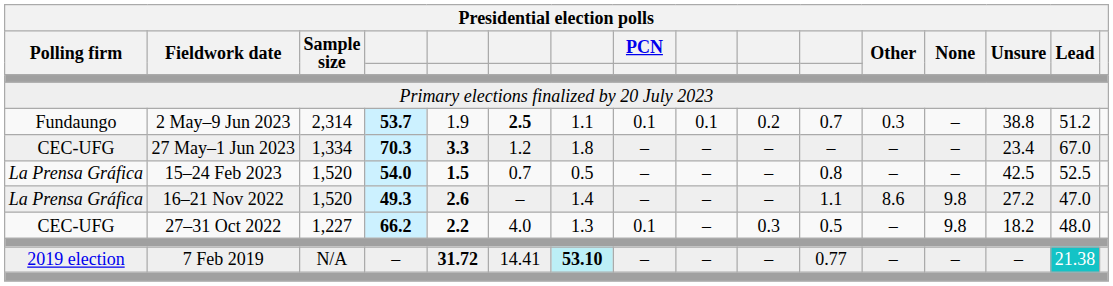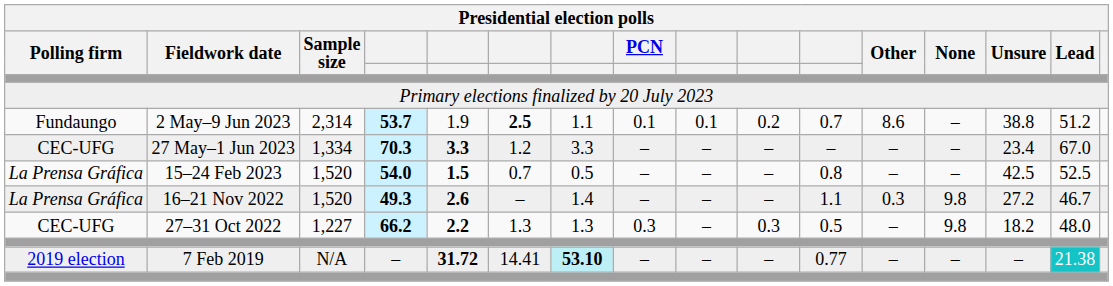 <table class="wikitable" style="text-align:center;font-size:90%;line-height:14px">
 <tr>
 <th colspan="16">Presidential election polls</th>
 </tr>
 <tr>
 <th rowspan="2">Polling firm</th>
 <th rowspan="2">Fieldwork date</th>
 <th rowspan="2">Sample<br>size</th>
 <th style="width:43px;"></th>
 <th style="width:43px;"></th>
 <th style="width:43px;"></th>
 <th style="width:43px;"></th>
 <th style="width:43px;"><a href='#'>PCN</a></th>
 <th style="width:43px;"></th>
 <th style="width:43px;"></th>
 <th style="width:43px;"></th>
 <th style="width:43px;" rowspan="2">Other</th>
 <th style="width:43px;" rowspan="2">None</th>
 <th style="width:43px;" rowspan="2">Unsure</th>
 <th style="width:30px;" rowspan="2">Lead</th>
 <th rowspan="2"></th>
 </tr>
 <tr>
 <th style="color:inherit;background:"></th>
 <th style="color:inherit;background:"></th>
 <th style="color:inherit;background:"></th>
 <th style="color:inherit;background:"></th>
 <th style="background:"></th>
 <th style="color:inherit;background:"></th>
 <th style="color:inherit;background:"></th>
 <th style="color:inherit;background:"></th>
 </tr>
 <tr>
 <td colspan="16" style="background:#A0A0A0"></td>
 </tr>
 <tr>
 <td colspan="16" style="background:#EFEFEF;"><em>Primary elections finalized by 20 July 2023</em></td>
 </tr>
 <tr>
 <td>Fundaungo</td>
 <td>2 May–9 Jun 2023</td>
 <td>2,314</td>
 <td style="background:#CCF1FF;"><strong>53.7</strong></td>
 <td>1.9</td>
 <td><strong>2.5</strong></td>
 <td>1.1</td>
 <td>0.1</td>
 <td>0.1</td>
 <td>0.2</td>
 <td>0.7</td>
-<td>0.3</td>
+<td>8.6</td>
 <td>–</td>
 <td>38.8</td>
 <td style="background:">51.2</td>
 <td></td>
 </tr>
 <tr style="background:#EFEFEF;">
 <td>CEC-UFG</td>
 <td>27 May–1 Jun 2023</td>
 <td>1,334</td>
 <td style="background:#CCF1FF;"><strong>70.3</strong></td>
 <td><strong>3.3</strong></td>
 <td>1.2</td>
-<td>1.8</td>
+<td>3.3</td>
 <td>–</td>
 <td>–</td>
 <td>–</td>
 <td>–</td>
 <td>–</td>
 <td>–</td>
 <td>23.4</td>
 <td style="background:">67.0</td>
 <td></td>
 </tr>
 <tr>
 <td><em>La Prensa Gráfica</em></td>
 <td>15–24 Feb 2023</td>
 <td>1,520</td>
 <td style="background:#CCF1FF;"><strong>54.0</strong></td>
 <td><strong>1.5</strong></td>
 <td>0.7</td>
 <td>0.5</td>
 <td>–</td>
 <td>–</td>
 <td>–</td>
 <td>0.8</td>
 <td>–</td>
 <td>–</td>
 <td>42.5</td>
 <td style="background:">52.5</td>
 <td></td>
 </tr>
 <tr style="background:#EFEFEF;">
 <td><em>La Prensa Gráfica</em></td>
 <td>16–21 Nov 2022</td>
 <td>1,520</td>
 <td style="background:#CCF1FF;"><strong>49.3</strong></td>
 <td><strong>2.6</strong></td>
 <td>–</td>
 <td>1.4</td>
 <td>–</td>
 <td>–</td>
 <td>–</td>
 <td>1.1</td>
-<td>8.6</td>
+<td>0.3</td>
 <td>9.8</td>
 <td>27.2</td>
-<td style="background:">47.0</td>
+<td style="background:">46.7</td>
 <td></td>
 </tr>
 <tr>
 <td>CEC-UFG</td>
 <td>27–31 Oct 2022</td>
 <td>1,227</td>
 <td style="background:#CCF1FF;"><strong>66.2</strong></td>
 <td><strong>2.2</strong></td>
-<td>4.0</td>
 <td>1.3</td>
-<td>0.1</td>
+<td>1.3</td>
+<td>0.3</td>
 <td>–</td>
 <td>0.3</td>
 <td>0.5</td>
 <td>–</td>
 <td>9.8</td>
 <td>18.2</td>
 <td style="background:">48.0</td>
 <td></td>
 </tr>
 <tr>
 <td colspan="16" style="background:#A0A0A0"></td>
 </tr>
 <tr style="background:#EFEFEF;">
 <td><a href='#'>2019 election</a></td>
 <td>7 Feb 2019</td>
 <td>N/A</td>
 <td>–</td>
 <td><strong>31.72</strong></td>
 <td>14.41</td>
 <td style="background:#BCEFF6"><strong>53.10</strong></td>
 <td>–</td>
 <td>–</td>
 <td>–</td>
 <td>0.77</td>
 <td>–</td>
 <td>–</td>
 <td>–</td>
 <td style="background:#13C3C6;color:#FFFFFF;">21.38</td>
 <td></td>
 </tr>
 <tr>
 <td colspan="16" style="background:#A0A0A0"></td>
 </tr>
 </table>
